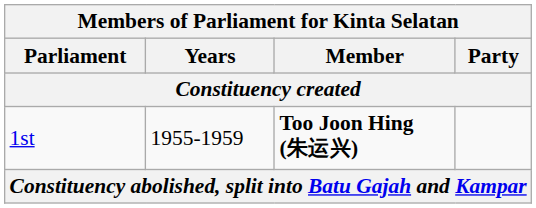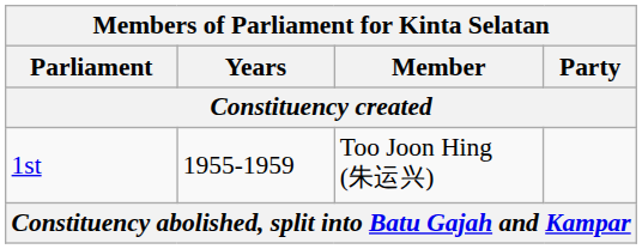 <table class="wikitable">
 <tr>
 <th colspan="4">Members of Parliament for Kinta Selatan</th>
 </tr>
 <tr>
 <th>Parliament</th>
 <th>Years</th>
 <th>Member</th>
 <th>Party</th>
 </tr>
 <tr>
 <th colspan="4"><em>Constituency created</em></th>
 </tr>
 <tr>
 <td><a href='#'>1st</a></td>
 <td>1955-1959</td>
-<td><strong>Too Joon Hing  <br>(朱运兴)</strong></td>
+<td>Too Joon Hing  <br>(朱运兴)</td>
 <td></td>
 </tr>
 <tr>
 <th colspan="4"><em>Constituency abolished, split into <a href='#'>Batu Gajah</a> and <a href='#'>Kampar</a></em></th>
 </tr>
 </table>
